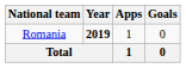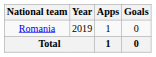 <table class=wikitable style=text-align:center>
 <tr>
 <th>National team</th>
 <th>Year</th>
 <th>Apps</th>
 <th>Goals</th>
 </tr>
 <tr>
 <td rowspan=1><a href='#'>Romania</a></td>
-<td><strong>2019</strong></td>
+<td>2019</td>
 <td>1</td>
 <td>0</td>
 </tr>
 <tr>
 <th colspan=2>Total</th>
 <th>1</th>
 <th>0</th>
 </tr>
 </table>
